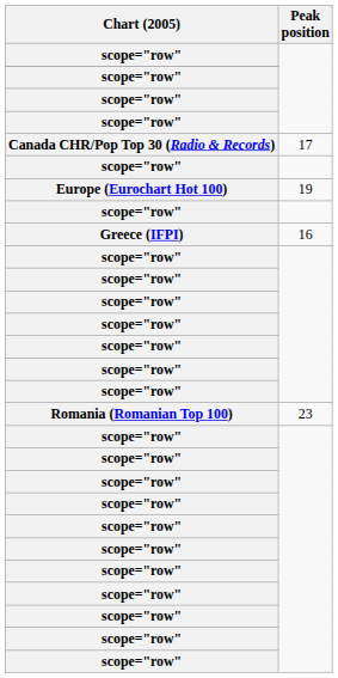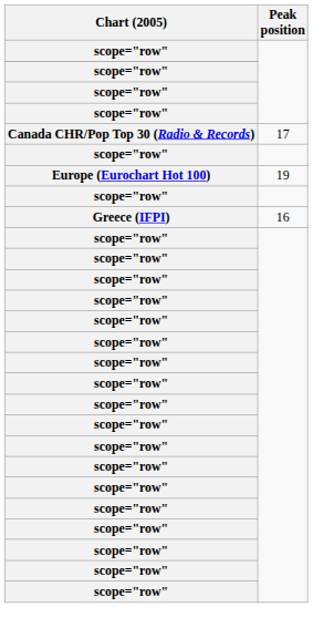 <table class="wikitable sortable plainrowheaders" style="text-align:center">
 <tr>
 <th scope="col">Chart (2005)</th>
 <th scope="col">Peak<br>position</th>
 </tr>
 <tr>
 <th>scope="row"</th>
 </tr>
 <tr>
 </tr>
 <tr>
 <th>scope="row"</th>
 </tr>
 <tr>
 <th>scope="row"</th>
 </tr>
 <tr>
 <th>scope="row"</th>
 </tr>
 <tr>
 <th scope="row">Canada CHR/Pop Top 30 (<em><a href='#'>Radio & Records</a></em>)</th>
 <td>17</td>
 </tr>
 <tr>
 <th>scope="row"</th>
 </tr>
 <tr>
 <th scope="row">Europe (<a href='#'>Eurochart Hot 100</a>)</th>
 <td>19</td>
 </tr>
 <tr>
 <th>scope="row"</th>
 </tr>
 <tr>
 <th scope="row">Greece (<a href='#'>IFPI</a>)</th>
 <td>16</td>
 </tr>
 <tr>
 <th>scope="row"</th>
 </tr>
 <tr>
 <th>scope="row"</th>
 </tr>
 <tr>
 <th>scope="row"</th>
 </tr>
 <tr>
 <th>scope="row"</th>
 </tr>
 <tr>
 <th>scope="row"</th>
 </tr>
 <tr>
 <th>scope="row"</th>
 </tr>
 <tr>
 <th>scope="row"</th>
 </tr>
 <tr>
-<th scope="row">Romania (<a href='#'>Romanian Top 100</a>)</th>
-<td>23</td>
-</tr>
-<tr>
 <th>scope="row"</th>
 </tr>
 <tr>
 <th>scope="row"</th>
 </tr>
 <tr>
 <th>scope="row"</th>
 </tr>
 <tr>
 <th>scope="row"</th>
 </tr>
 <tr>
 <th>scope="row"</th>
 </tr>
 <tr>
 <th>scope="row"</th>
 </tr>
 <tr>
 <th>scope="row"</th>
 </tr>
 <tr>
 <th>scope="row"</th>
 </tr>
 <tr>
 <th>scope="row"</th>
 </tr>
 <tr>
 <th>scope="row"</th>
 </tr>
 <tr>
 <th>scope="row"</th>
 </tr>
 </table>
